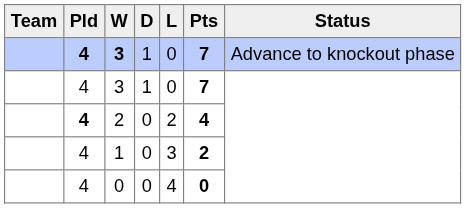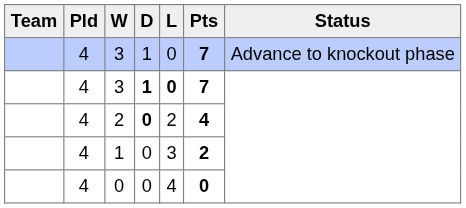 <table style=border-collapse:collapse border=1 cellspacing=0 cellpadding=5>
 <tr align=center bgcolor=#efefef>
 <th>Team</th>
 <th>Pld</th>
 <th>W</th>
 <th>D</th>
 <th>L</th>
 <th>Pts</th>
 <th>Status</th>
 </tr>
 <tr align=center style="background:#bbccff;">
 <td style="text-align:left;"> </td>
-<td><strong>4</strong></td>
-<td><strong>3</strong></td>
+<td>4</td>
+<td>3</td>
 <td>1</td>
 <td>0</td>
 <td><strong>7</strong></td>
 <td rowspan=1>Advance to knockout phase</td>
 </tr>
 <tr align=center style="background:#FFFFFF;">
 <td style="text-align:left;"> </td>
 <td>4</td>
 <td>3</td>
-<td>1</td>
-<td>0</td>
+<td><strong>1</strong></td>
+<td><strong>0</strong></td>
 <td><strong>7</strong></td>
 <td rowspan=4></td>
 </tr>
 <tr align=center style="background:#FFFFFF;">
 <td style="text-align:left;"> </td>
-<td><strong>4</strong></td>
+<td>4</td>
 <td>2</td>
-<td>0</td>
+<td><strong>0</strong></td>
 <td>2</td>
 <td><strong>4</strong></td>
 </tr>
 <tr align=center style="background:#FFFFFF;">
 <td style="text-align:left;"> </td>
 <td>4</td>
 <td>1</td>
 <td>0</td>
 <td>3</td>
 <td><strong>2</strong></td>
 </tr>
 <tr align=center style="background:#FFFFFF;">
 <td style="text-align:left;"> </td>
 <td>4</td>
 <td>0</td>
 <td>0</td>
 <td>4</td>
 <td><strong>0</strong></td>
 </tr>
 </table>
